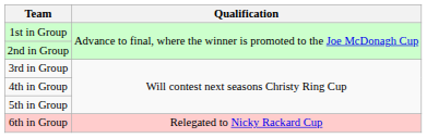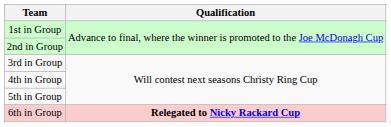 <table class="wikitable" style="text-align:center">
 <tr>
 <th>Team</th>
 <th>Qualification</th>
 </tr>
 <tr style="background:#ccffcc">
 <td>1st in Group</td>
 <td rowspan="2">Advance to final, where the winner is promoted to the <a href='#'>Joe McDonagh Cup</a></td>
 </tr>
 <tr style="background:#ccffcc">
 <td>2nd in Group</td>
 </tr>
 <tr>
 <td>3rd in Group</td>
 <td rowspan="3">Will contest next seasons Christy Ring Cup</td>
 </tr>
 <tr>
 <td>4th in Group</td>
 </tr>
 <tr>
 <td>5th in Group</td>
 </tr>
 <tr style="background:#ffcccc">
 <td>6th in Group</td>
-<td>Relegated to <a href='#'>Nicky Rackard Cup</a></td>
+<td><strong>Relegated to <a href='#'>Nicky Rackard Cup</a></strong></td>
 </tr>
 </table>
